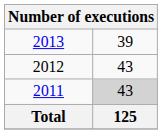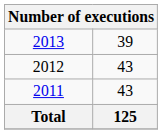 <table class="wikitable" style="text-align:center;">
 <tr>
 <th colspan="2">Number of executions</th>
 </tr>
 <tr>
 <td><a href='#'>2013</a></td>
 <td>39</td>
 </tr>
 <tr>
 <td>2012</td>
 <td>43</td>
 </tr>
 <tr>
 <td><a href='#'>2011</a></td>
-<td style="background: lightgrey;">43</td>
+<td>43</td>
 </tr>
 <tr>
 <th>Total</th>
 <th>125</th>
 </tr>
 <tr>
 </tr>
 </table>
